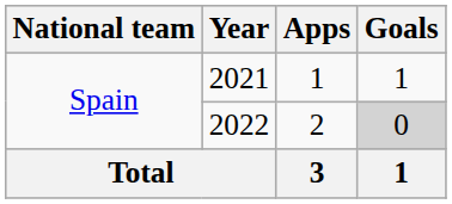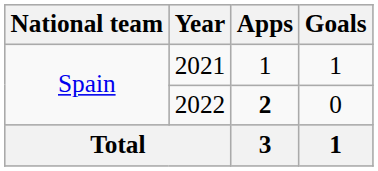 <table class="wikitable" style="text-align:center">
 <tr>
 <th>National team</th>
 <th>Year</th>
 <th>Apps</th>
 <th>Goals</th>
 </tr>
 <tr>
 <td rowspan="2"><a href='#'>Spain</a></td>
 <td>2021</td>
 <td>1</td>
 <td>1</td>
 </tr>
 <tr>
 <td>2022</td>
-<td>2</td>
-<td style="background: lightgrey;">0</td>
+<td><strong>2</strong></td>
+<td>0</td>
 </tr>
 <tr>
 <th colspan="2">Total</th>
 <th>3</th>
 <th>1</th>
 </tr>
 </table>
